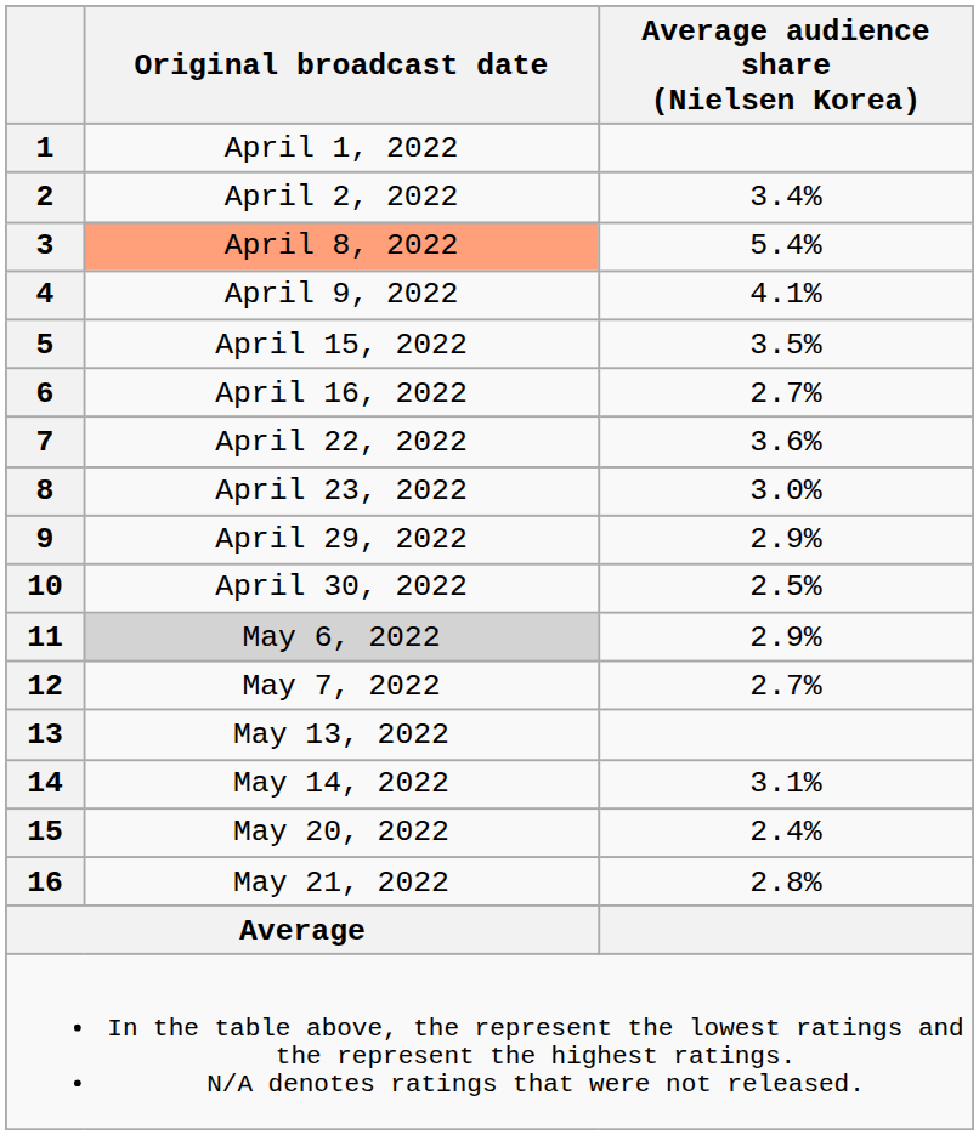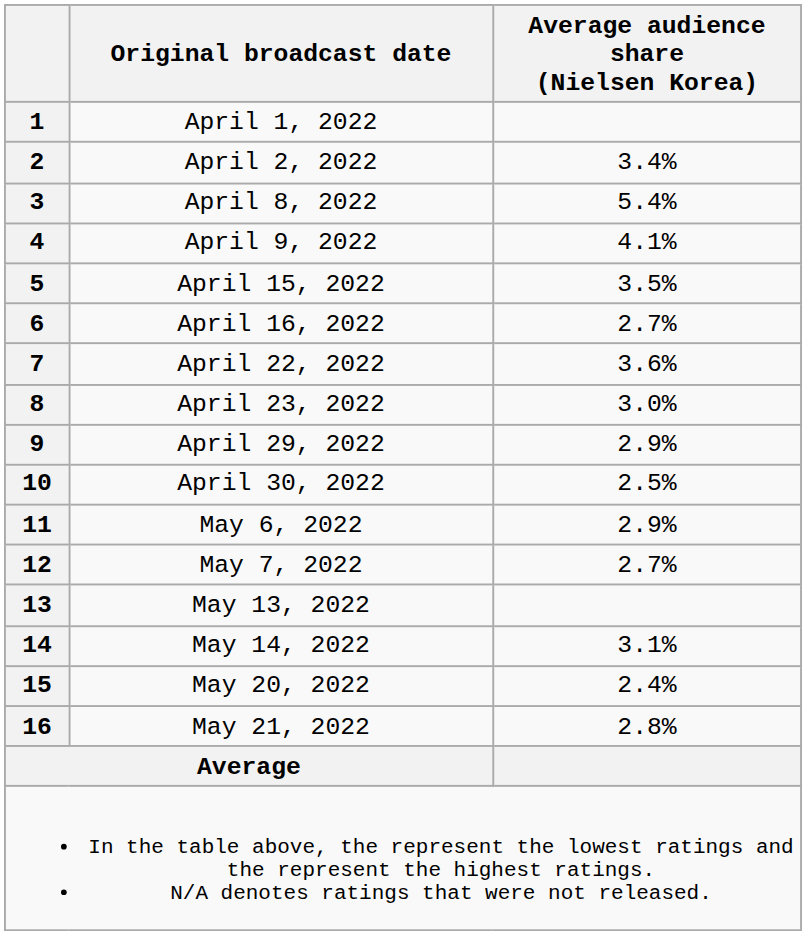 <table class="wikitable" style="width:420px; text-align:center">
 <tr>
 <th scope="col"></th>
 <th scope="col">Original broadcast date</th>
 <th scope="col" style="width:12em">Average audience share<br>(Nielsen Korea)</th>
 </tr>
 <tr>
 <th scope="col">1</th>
 <td>April 1, 2022</td>
 <td> </td>
 </tr>
 <tr>
 <th scope="col">2</th>
 <td>April 2, 2022</td>
 <td>3.4% </td>
 </tr>
 <tr>
 <th scope="col">3</th>
-<td style="background: lightsalmon;">April 8, 2022</td>
+<td>April 8, 2022</td>
 <td>5.4% </td>
 </tr>
 <tr>
 <th scope="col">4</th>
 <td>April 9, 2022</td>
 <td>4.1% </td>
 </tr>
 <tr>
 <th scope="col">5</th>
 <td>April 15, 2022</td>
 <td>3.5% </td>
 </tr>
 <tr>
 <th scope="col">6</th>
 <td>April 16, 2022</td>
 <td>2.7% </td>
 </tr>
 <tr>
 <th scope="col">7</th>
 <td>April 22, 2022</td>
 <td>3.6% </td>
 </tr>
 <tr>
 <th scope="col">8</th>
 <td>April 23, 2022</td>
 <td>3.0% </td>
 </tr>
 <tr>
 <th scope="col">9</th>
 <td>April 29, 2022</td>
 <td>2.9% </td>
 </tr>
 <tr>
 <th scope="col">10</th>
 <td>April 30, 2022</td>
 <td>2.5% </td>
 </tr>
 <tr>
 <th scope="col">11</th>
-<td style="background: lightgrey;">May 6, 2022</td>
+<td>May 6, 2022</td>
 <td>2.9% </td>
 </tr>
 <tr>
 <th scope="col">12</th>
 <td>May 7, 2022</td>
 <td>2.7% </td>
 </tr>
 <tr>
 <th scope="col">13</th>
 <td>May 13, 2022</td>
 <td> </td>
 </tr>
 <tr>
 <th scope="col">14</th>
 <td>May 14, 2022</td>
 <td>3.1% </td>
 </tr>
 <tr>
 <th scope="col">15</th>
 <td>May 20, 2022</td>
 <td>2.4% </td>
 </tr>
 <tr>
 <th scope="col">16</th>
 <td>May 21, 2022</td>
 <td>2.8% </td>
 </tr>
 <tr>
 <th colspan="2" scope="col">Average</th>
 <th scope="col"></th>
 </tr>
 <tr>
 <td colspan="6" style="font-size:85%"><br><ul><li>In the table above, the <strong></strong> represent the lowest ratings and the <strong></strong> represent the highest ratings.</li><li>N/A denotes ratings that were not released.</li></ul></td>
 </tr>
 </table>
